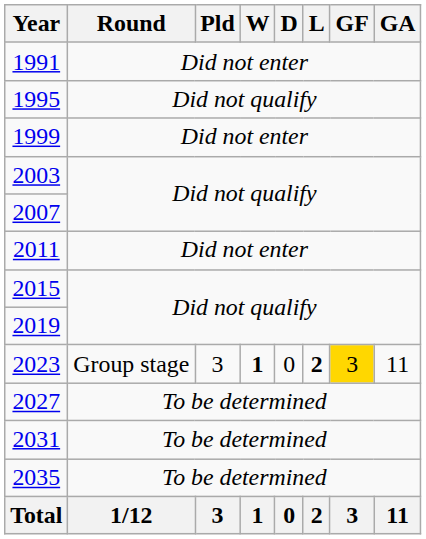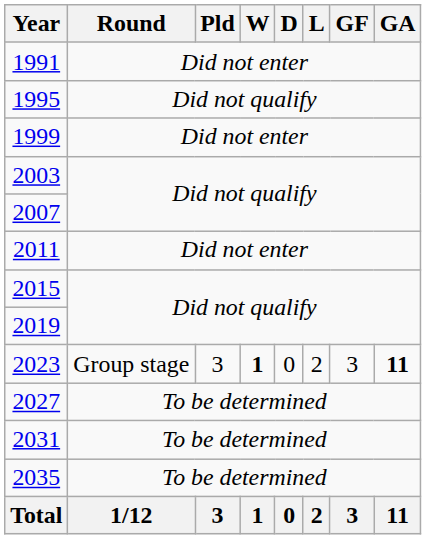 <table class="wikitable" style="text-align: center;">
 <tr>
 <th>Year</th>
 <th>Round</th>
 <th>Pld</th>
 <th>W</th>
 <th>D</th>
 <th>L</th>
 <th>GF</th>
 <th>GA</th>
 </tr>
 <tr>
 <td> <a href='#'>1991</a></td>
 <td colspan=8><em>Did not enter</em></td>
 </tr>
 <tr>
 <td> <a href='#'>1995</a></td>
 <td colspan=8><em>Did not qualify</em></td>
 </tr>
 <tr>
 <td> <a href='#'>1999</a></td>
 <td colspan=8><em>Did not enter</em></td>
 </tr>
 <tr>
 <td> <a href='#'>2003</a></td>
 <td colspan=8 rowspan=2><em>Did not qualify</em></td>
 </tr>
 <tr>
 <td> <a href='#'>2007</a></td>
 </tr>
 <tr>
 <td> <a href='#'>2011</a></td>
 <td colspan=8><em>Did not enter</em></td>
 </tr>
 <tr>
 <td> <a href='#'>2015</a></td>
 <td colspan=8 rowspan=2><em>Did not qualify</em></td>
 </tr>
 <tr>
 <td> <a href='#'>2019</a></td>
 </tr>
 <tr>
 <td> <a href='#'>2023</a></td>
 <td>Group stage</td>
 <td>3</td>
 <td><strong>1</strong></td>
 <td>0</td>
-<td><strong>2</strong></td>
-<td style="background: gold;">3</td>
-<td>11</td>
+<td>2</td>
+<td>3</td>
+<td><strong>11</strong></td>
 </tr>
 <tr>
 <td> <a href='#'>2027</a></td>
 <td colspan=8><em>To be determined</em></td>
 </tr>
 <tr>
 <td> <a href='#'>2031</a></td>
 <td colspan=8><em>To be determined</em></td>
 </tr>
 <tr>
 <td> <a href='#'>2035</a></td>
 <td colspan=8><em>To be determined</em></td>
 </tr>
 <tr>
 <th>Total</th>
 <th>1/12</th>
 <th><strong>3</strong></th>
 <th><strong>1</strong></th>
 <th><strong>0</strong></th>
 <th><strong>2</strong></th>
 <th><strong>3</strong></th>
 <th><strong>11</strong></th>
 </tr>
 </table>
